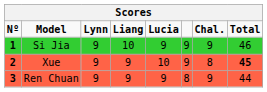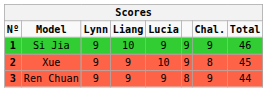 <table class="wikitable collapsible autocollapse" style="text-align:center;">
 <tr>
 <th colspan="8">Scores</th>
 </tr>
 <tr>
 <td><strong>Nº</strong></td>
 <td><strong>Model</strong></td>
 <td><strong>Lynn</strong></td>
 <td><strong>Liang</strong></td>
 <td><strong>Lucia</strong></td>
 <td></td>
 <td><strong>Chal.</strong></td>
 <td><strong>Total</strong></td>
 </tr>
 <tr>
 <td style="background:limegreen"><strong>1</strong></td>
 <td style="background:limegreen">Si Jia</td>
 <td style="background:limegreen">9</td>
 <td style="background:limegreen">10</td>
 <td style="background:limegreen">9</td>
 <td style="background:limegreen">9</td>
 <td style="background:limegreen">9</td>
 <td style="background:limegreen">46</td>
 </tr>
 <tr>
 <td style="background:tomato"><strong>2</strong></td>
 <td style="background:tomato">Xue</td>
 <td style="background:tomato">9</td>
 <td style="background:tomato">9</td>
 <td style="background:tomato">10</td>
 <td style="background:tomato">9</td>
 <td style="background:tomato">8</td>
-<td style="background:tomato"><strong>45</strong></td>
+<td style="background:tomato">45</td>
 </tr>
 <tr>
 <td style="background:tomato"><strong>3</strong></td>
 <td style="background:tomato">Ren Chuan</td>
 <td style="background:tomato">9</td>
 <td style="background:tomato">9</td>
 <td style="background:tomato">9</td>
 <td style="background:tomato">8</td>
 <td style="background:tomato">9</td>
 <td style="background:tomato">44</td>
 </tr>
 </table>
